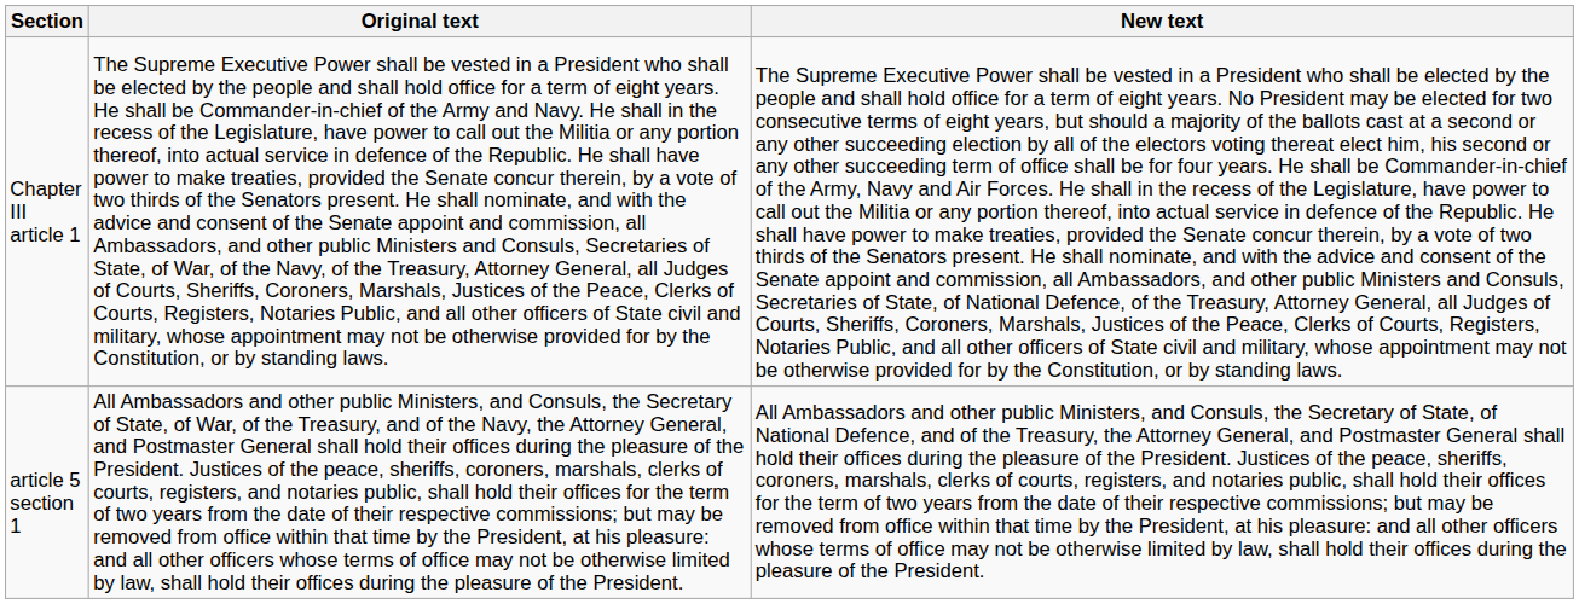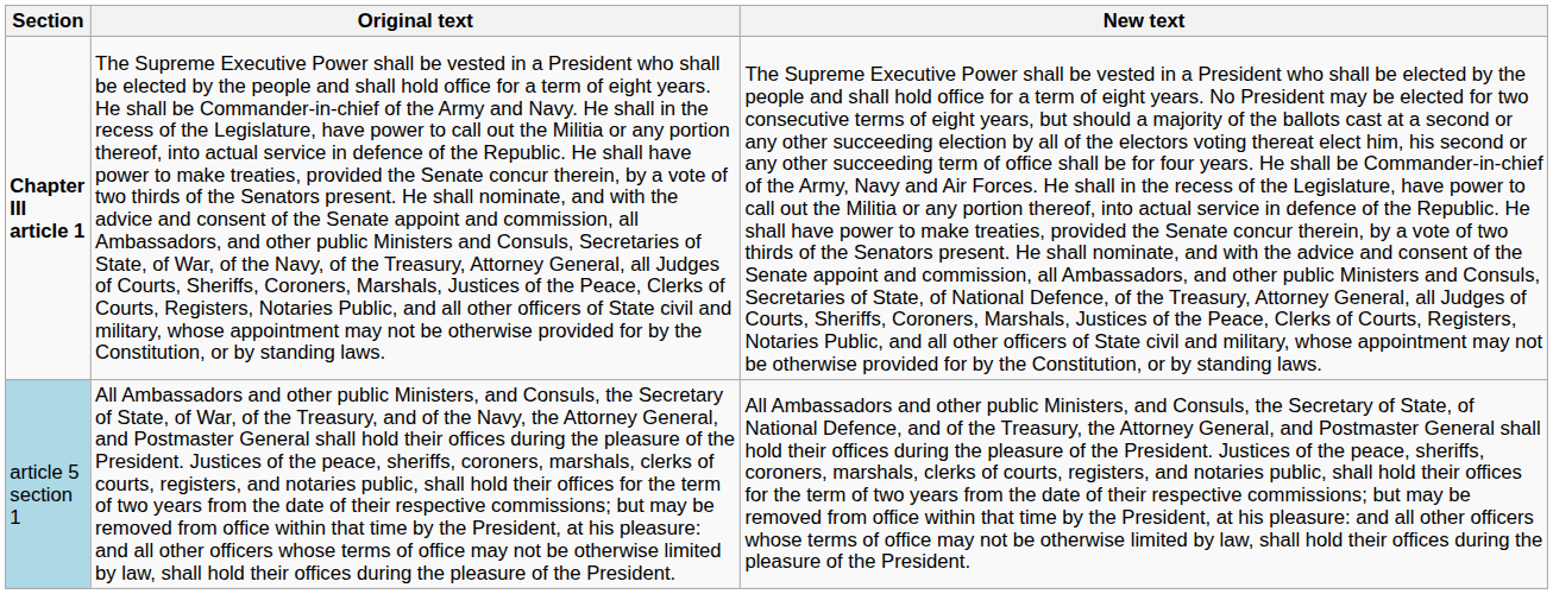 <table class=wikitable>
 <tr>
 <th>Section</th>
 <th>Original text</th>
 <th>New text</th>
 </tr>
 <tr>
-<td>Chapter III<br>article 1</td>
+<td><strong>Chapter III<br>article 1</strong></td>
 <td>The Supreme Executive Power shall be vested in a President who shall be elected by the people and shall hold office for a term of eight years. He shall be Commander-in-chief of the Army <span>and</span> Navy. He shall in the recess of the Legislature, have power to call out the Militia or any portion thereof, into actual service in defence of the Republic. He shall have power to make treaties, provided the Senate concur therein, by a vote of two thirds of the Senators present. He shall nominate, and with the advice and consent of the Senate appoint and commission, all Ambassadors, and other public Ministers and Consuls, Secretaries of State, <span>of War, of the Navy</span>, of the Treasury, Attorney General, all Judges of Courts, Sheriffs, Coroners, Marshals, Justices of the Peace, Clerks of Courts, Registers, Notaries Public, and all other officers of State civil and military, whose appointment may not be otherwise provided for by the Constitution, or by standing laws.</td>
 <td><br>The Supreme Executive Power shall be vested in a President who shall be elected by the people and shall hold office for a term of eight years. No President may be elected for two consecutive terms of eight years<span>, but should a majority of the ballots cast at a second or any other succeeding election by all of the electors voting thereat elect him, his second or any other succeeding term of office shall be for four years</span>. He shall be Commander-in-chief of the Army, Navy <span>and Air Forces</span>. He shall in the recess of the Legislature, have power to call out the Militia or any portion thereof, into actual service in defence of the Republic. He shall have power to make treaties, provided the Senate concur therein, by a vote of two thirds of the Senators present. He shall nominate, and with the advice and consent of the Senate appoint and commission, all Ambassadors, and other public Ministers and Consuls, Secretaries of State, <span>of National Defence</span>, of the Treasury, Attorney General, all Judges of Courts, Sheriffs, Coroners, Marshals, Justices of the Peace, Clerks of Courts, Registers, Notaries Public, and all other officers of State civil and military, whose appointment may not be otherwise provided for by the Constitution, or by standing laws.</td>
 </tr>
 <tr>
-<td><br>article 5<br>section 1</td>
+<td style="background: lightblue;"><br>article 5<br>section 1</td>
 <td>All Ambassadors and other public Ministers, and Consuls, the Secretary of State, <span>of War</span>, of the Treasury, <span>and of the Navy</span>, the Attorney General, and Postmaster General shall hold their offices during the pleasure of the President. Justices of the peace, sheriffs, coroners, marshals, clerks of courts, registers, and notaries public, shall hold their offices for the term of two years from the date of their respective commissions; but may be removed from office within that time by the President, at his pleasure: and all other officers whose terms of office may not be otherwise limited by law, shall hold their offices during the pleasure of the President.</td>
 <td>All Ambassadors and other public Ministers, and Consuls, the Secretary of State, <span>of National Defence, and</span> of the Treasury, the Attorney General, and Postmaster General shall hold their offices during the pleasure of the President. Justices of the peace, sheriffs, coroners, marshals, clerks of courts, registers, and notaries public, shall hold their offices for the term of two years from the date of their respective commissions; but may be removed from office within that time by the President, at his pleasure: and all other officers whose terms of office may not be otherwise limited by law, shall hold their offices during the pleasure of the President.</td>
 </tr>
 </table>
